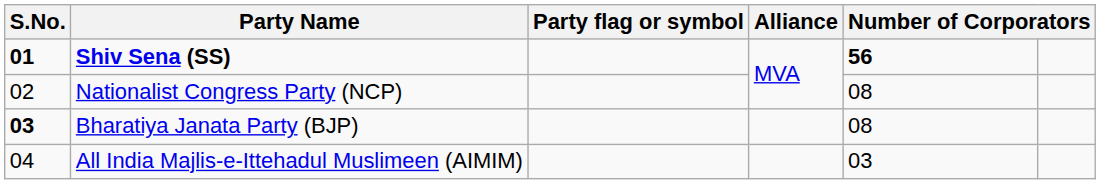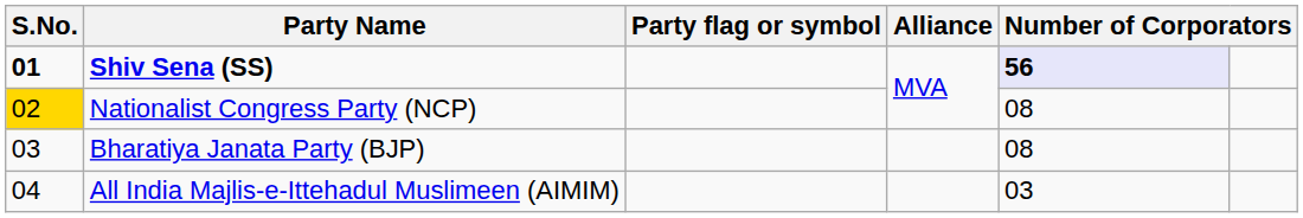 <table class="sortable wikitable">
 <tr>
 <th>S.No.</th>
 <th>Party Name</th>
 <th>Party flag or symbol</th>
 <th>Alliance</th>
 <th colspan="2">Number of Corporators</th>
 </tr>
 <tr>
 <td><strong>01</strong></td>
 <td><strong><a href='#'>Shiv Sena</a> (SS)</strong></td>
 <td><strong></strong></td>
 <td rowspan="2"><a href='#'>MVA</a></td>
-<td><strong>56</strong></td>
+<td style="background: lavender;"><strong>56</strong></td>
 <td></td>
 </tr>
 <tr>
-<td>02</td>
+<td style="background: gold;">02</td>
 <td><a href='#'>Nationalist Congress Party</a> (NCP)</td>
 <td></td>
 <td>08</td>
 <td></td>
 </tr>
 <tr>
-<td><strong>03</strong></td>
+<td>03</td>
 <td><a href='#'>Bharatiya Janata Party</a> (BJP)</td>
 <td></td>
 <td></td>
 <td>08</td>
 <td></td>
 </tr>
 <tr>
 <td>04</td>
 <td><a href='#'>All India Majlis-e-Ittehadul Muslimeen</a> (AIMIM)</td>
 <td></td>
 <td></td>
 <td>03</td>
 <td></td>
 </tr>
 </table>
